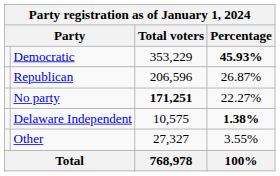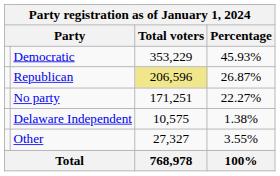 <table class=wikitable style="align:left">
 <tr>
 <th colspan = 6>Party registration as of January 1, 2024</th>
 </tr>
 <tr>
 <th colspan = 2>Party</th>
 <th>Total voters</th>
 <th>Percentage</th>
 </tr>
 <tr>
 <td></td>
 <td><a href='#'>Democratic</a></td>
 <td align=center>353,229</td>
-<td align=center><strong>45.93%</strong></td>
+<td align=center>45.93%</td>
 </tr>
 <tr>
 <td></td>
 <td><a href='#'>Republican</a></td>
-<td align=center>206,596</td>
+<td align=center style="background: khaki;">206,596</td>
 <td align=center>26.87%</td>
 </tr>
 <tr>
 <td></td>
 <td><a href='#'>No party</a></td>
-<td align=center><strong>171,251</strong></td>
+<td align=center>171,251</td>
 <td align=center>22.27%</td>
 </tr>
 <tr>
 <td></td>
 <td><a href='#'>Delaware Independent</a></td>
 <td align=center>10,575</td>
-<td align=center><strong>1.38%</strong></td>
+<td align=center>1.38%</td>
 </tr>
 <tr>
 <td></td>
 <td><a href='#'>Other</a></td>
 <td align=center>27,327</td>
 <td align=center>3.55%</td>
 </tr>
 <tr>
 <th colspan = 2>Total</th>
 <th align=center>768,978</th>
 <th align=center>100%</th>
 </tr>
 </table>
